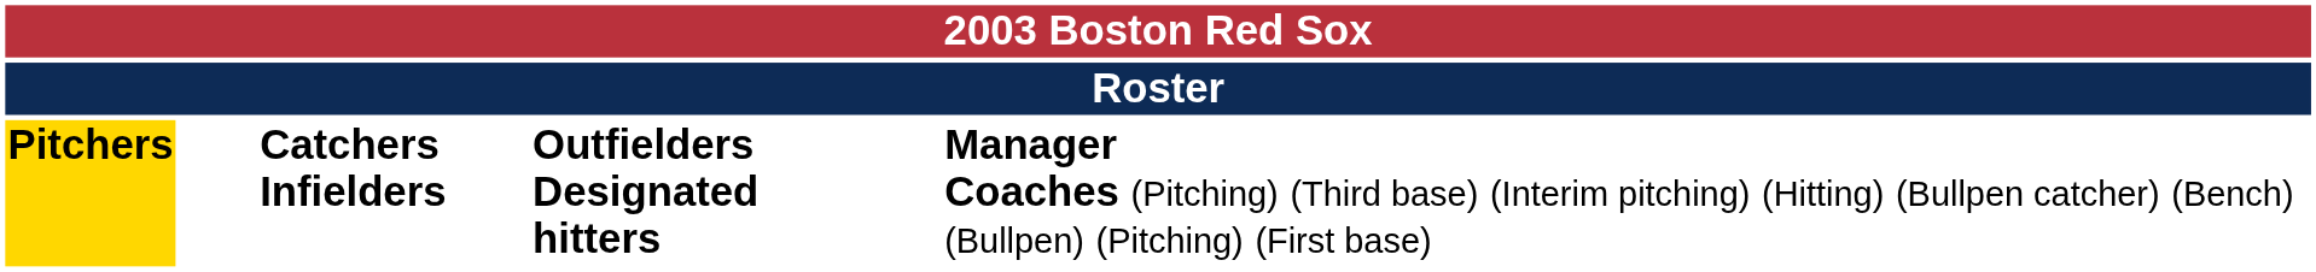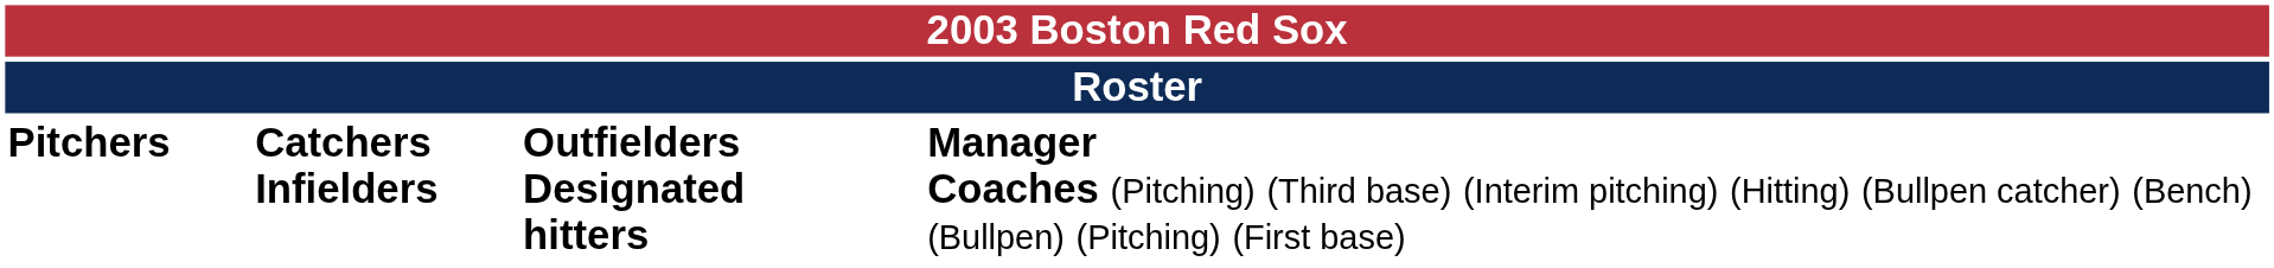 <table class="toccolours" style="text-align: left;">
 <tr>
 <th colspan="10" style="background-color: #ba313c; color: #FFFFFF; text-align: center;">2003 Boston Red Sox</th>
 </tr>
 <tr>
 <td colspan="10" style="background-color:#0d2b56; color: white; text-align: center;"><strong>Roster</strong></td>
 </tr>
 <tr>
-<td valign="top" style="background: gold;"><strong>Pitchers</strong><br>                         </td>
+<td valign="top"><strong>Pitchers</strong><br>                         </td>
 <td width="25px"></td>
 <td valign="top"><strong>Catchers</strong><br>   <strong>Infielders</strong>          </td>
 <td width="25px"></td>
 <td valign="top"><strong>Outfielders</strong><br>      <strong>Designated hitters</strong>  </td>
 <td width="25px"></td>
 <td valign="top"><strong>Manager</strong><br> <strong>Coaches</strong>  <small>(Pitching)</small>  <small>(Third base)</small>  <small>(Interim pitching)</small>  <small>(Hitting)</small>  <small>(Bullpen catcher)</small>  <small>(Bench)</small>  <small>(Bullpen)</small>  <small>(Pitching)</small>  <small>(First base)</small></td>
 </tr>
 <tr>
 </tr>
 </table>
